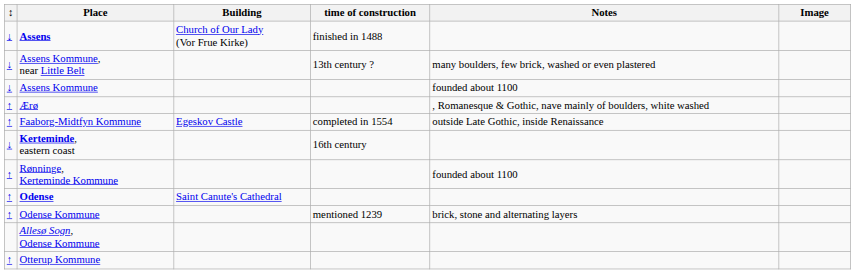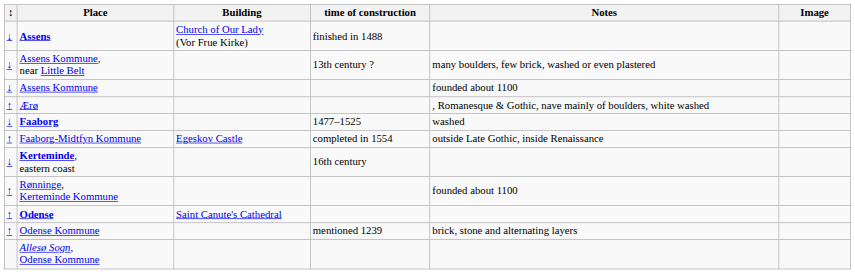 <table class="wikitable"  style="border:2px; width:100%;">
 <tr>
 <th>↕</th>
 <th>Place</th>
 <th>Building</th>
 <th>time of construction</th>
 <th>Notes</th>
 <th style="width:100px;">Image</th>
 </tr>
 <tr>
 <td><a href='#'>↓</a></td>
 <td><strong><a href='#'>Assens</a></strong></td>
 <td><a href='#'>Church of Our Lady</a><br>(Vor Frue Kirke)</td>
 <td>finished in 1488</td>
 <td></td>
 <td></td>
 </tr>
 <tr>
 <td><a href='#'>↓</a></td>
 <td><a href='#'>Assens Kommune</a>,<br>near <a href='#'>Little Belt</a></td>
 <td></td>
 <td>13th century ?</td>
 <td>many boulders, few brick, washed or even plastered</td>
 <td><br> </td>
 </tr>
 <tr>
 <td><a href='#'>↓</a></td>
 <td><a href='#'>Assens Kommune</a></td>
 <td></td>
 <td></td>
 <td>founded about 1100</td>
 <td></td>
 </tr>
 <tr>
 <td><a href='#'>↑</a></td>
 <td><a href='#'>Ærø</a></td>
 <td></td>
 <td></td>
 <td>, Romanesque & Gothic, nave mainly of boulders, white washed</td>
+<td></td>
+</tr>
+<tr>
+<td><a href='#'>↓</a></td>
+<td><strong><a href='#'>Faaborg</a></strong></td>
+<td><strong></strong></td>
+<td>1477–1525</td>
+<td>washed</td>
 <td></td>
 </tr>
 <tr>
 <td><a href='#'>↑</a></td>
 <td><a href='#'>Faaborg-Midtfyn Kommune</a></td>
 <td><a href='#'>Egeskov Castle</a></td>
 <td>completed in 1554</td>
 <td>outside Late Gothic, inside Renaissance</td>
 <td></td>
 </tr>
 <tr>
 <td><a href='#'>↓</a></td>
 <td><strong><a href='#'>Kerteminde</a></strong>, <br>eastern coast</td>
 <td></td>
 <td>16th century</td>
 <td></td>
 <td></td>
 </tr>
 <tr>
 <td><a href='#'>↑</a></td>
 <td><a href='#'>Rønninge</a>, <br><a href='#'>Kerteminde Kommune</a></td>
 <td></td>
 <td></td>
 <td>founded about 1100</td>
 <td></td>
 </tr>
 <tr>
 <td><a href='#'>↑</a></td>
 <td><strong><a href='#'>Odense</a></strong></td>
 <td><a href='#'>Saint Canute's Cathedral</a></td>
 <td></td>
 <td></td>
 <td></td>
 </tr>
 <tr>
 <td><a href='#'>↑</a></td>
 <td><a href='#'>Odense Kommune</a></td>
 <td></td>
 <td>mentioned 1239</td>
 <td>brick, stone and alternating layers</td>
 <td></td>
 </tr>
 <tr>
 <td></td>
 <td><em><a href='#'>Allesø Sogn</a></em>, <br><a href='#'>Odense Kommune</a></td>
 <td></td>
 <td></td>
 <td></td>
 <td></td>
 </tr>
-<tr>
-<td><a href='#'>↑</a></td>
-<td><a href='#'>Otterup Kommune</a></td>
-<td></td>
-<td></td>
-<td></td>
-<td></td>
-</tr>
 </table>
